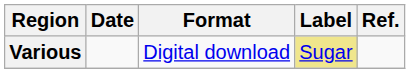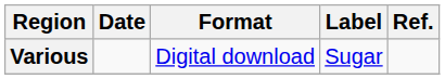 <table class="wikitable plainrowheaders">
 <tr>
 <th scope="col">Region</th>
 <th scope="col">Date</th>
 <th scope="col">Format</th>
 <th scope="col">Label</th>
 <th scope="col">Ref.</th>
 </tr>
 <tr>
 <th scope="row">Various</th>
 <td rowspan="1"></td>
 <td rowspan="1"><a href='#'>Digital download</a></td>
-<td rowspan="1" style="background: khaki;"><a href='#'>Sugar</a></td>
+<td rowspan="1"><a href='#'>Sugar</a></td>
 <td align="center"></td>
 </tr>
 <tr>
 </tr>
 </table>
